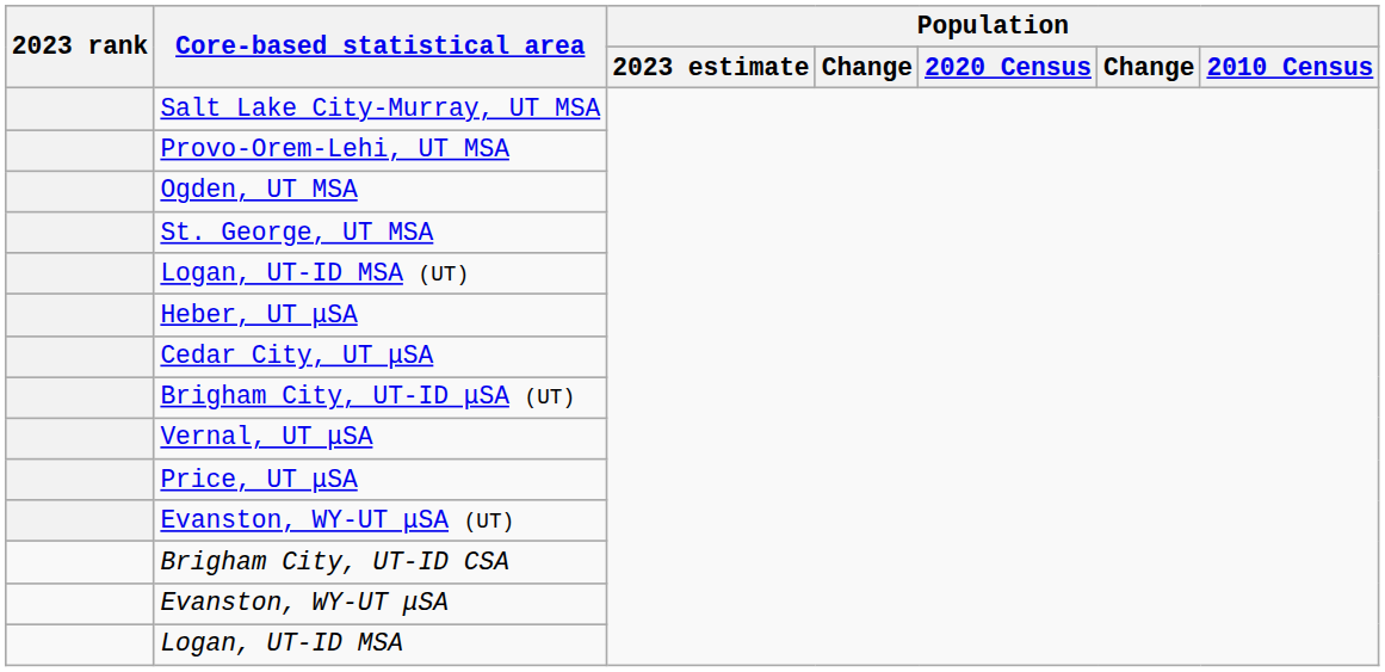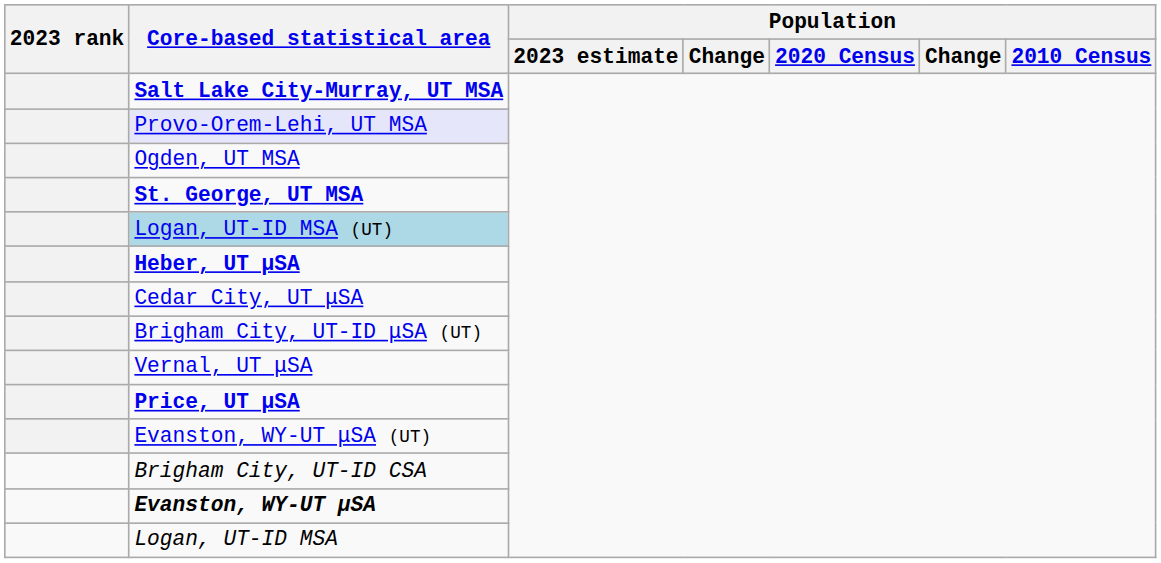 <table class="wikitable sortable">
 <tr>
 <th scope=col rowspan=2>2023 rank</th>
 <th scope=col rowspan=2><a href='#'>Core-based statistical area</a></th>
 <th colspan=5>Population</th>
 </tr>
 <tr>
 <th scope=col>2023 estimate</th>
 <th scope=col>Change</th>
 <th scope=col><a href='#'>2020 Census</a></th>
 <th scope=col>Change</th>
 <th scope=col><a href='#'>2010 Census</a></th>
 </tr>
 <tr>
 <th scope=row></th>
-<td><a href='#'>Salt Lake City-Murray, UT MSA</a><br></td>
+<td><strong><a href='#'>Salt Lake City-Murray, UT MSA</a><br></strong></td>
 </tr>
 <tr>
 <th scope=row></th>
-<td><a href='#'>Provo-Orem-Lehi, UT MSA</a><br></td>
+<td style="background: lavender;"><a href='#'>Provo-Orem-Lehi, UT MSA</a><br></td>
 </tr>
 <tr>
 <th scope=row></th>
 <td><a href='#'>Ogden, UT MSA</a><br></td>
 </tr>
 <tr>
 <th scope=row></th>
-<td><a href='#'>St. George, UT MSA</a><br></td>
+<td><strong><a href='#'>St. George, UT MSA</a><br></strong></td>
 </tr>
 <tr>
 <th scope=row></th>
-<td><a href='#'>Logan, UT-ID MSA</a> <small>(UT)</small><br></td>
+<td style="background: lightblue;"><a href='#'>Logan, UT-ID MSA</a> <small>(UT)</small><br></td>
 </tr>
 <tr>
 <th scope=row></th>
-<td><a href='#'>Heber, UT μSA</a><br></td>
+<td><strong><a href='#'>Heber, UT μSA</a><br></strong></td>
 </tr>
 <tr>
 <th scope=row></th>
 <td><a href='#'>Cedar City, UT μSA</a><br></td>
 </tr>
 <tr>
 <th scope=row></th>
 <td><a href='#'>Brigham City, UT-ID μSA</a> <small>(UT)</small><br></td>
 </tr>
 <tr>
 <th scope=row></th>
 <td><a href='#'>Vernal, UT μSA</a><br></td>
 </tr>
 <tr>
 <th scope=row></th>
-<td><a href='#'>Price, UT μSA</a><br></td>
+<td><strong><a href='#'>Price, UT μSA</a><br></strong></td>
 </tr>
 <tr>
 <th scope=row></th>
 <td><a href='#'>Evanston, WY-UT μSA</a> <small>(UT)</small><br></td>
 </tr>
 <tr>
 <td></td>
 <td><em><span>Brigham City, UT-ID CSA</span></em><br></td>
 </tr>
 <tr>
 <td></td>
-<td><em><span>Evanston, WY-UT μSA</span></em><br></td>
+<td><strong><em><span>Evanston, WY-UT μSA</span></em><br></strong></td>
 </tr>
 <tr>
 <td></td>
 <td><em><span>Logan, UT-ID MSA</span></em><br></td>
 </tr>
 </table>
